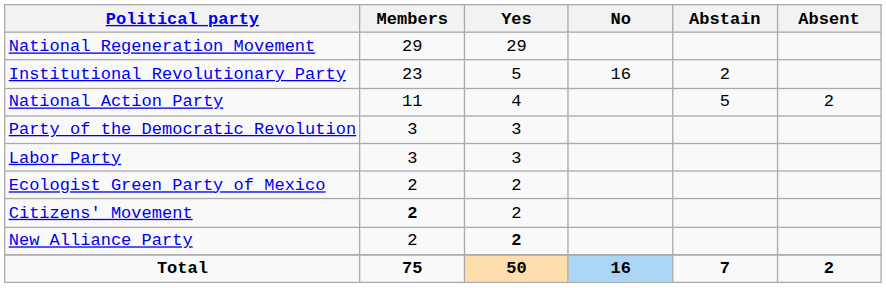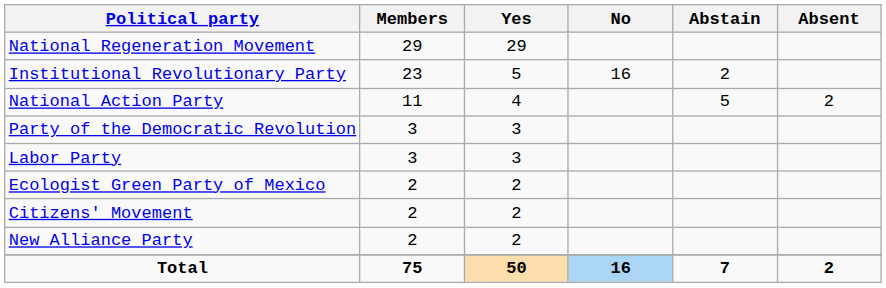 <table class="wikitable">
 <tr>
 <th><a href='#'>Political party</a></th>
 <th style="width:55pt;">Members</th>
 <th style="width:55pt;">Yes</th>
 <th style="width:55pt;">No</th>
 <th style="width:55pt;">Abstain</th>
 <th style="width:55pt;">Absent</th>
 </tr>
 <tr>
 <td align="left"> <a href='#'>National Regeneration Movement</a></td>
 <td style="text-align:center;">29</td>
 <td style="text-align:center;">29</td>
 <td style="text-align:center;"></td>
 <td style="text-align:center;"></td>
 <td style="text-align:center;"></td>
 </tr>
 <tr>
 <td align="left"> <a href='#'>Institutional Revolutionary Party</a></td>
 <td style="text-align:center;">23</td>
 <td style="text-align:center;">5</td>
 <td style="text-align:center;">16</td>
 <td style="text-align:center;">2</td>
 <td style="text-align:center;"></td>
 </tr>
 <tr>
 <td align="left"> <a href='#'>National Action Party</a></td>
 <td style="text-align:center;">11</td>
 <td style="text-align:center;">4</td>
 <td style="text-align:center;"></td>
 <td style="text-align:center;">5</td>
 <td style="text-align:center;">2</td>
 </tr>
 <tr>
 <td align="left"> <a href='#'>Party of the Democratic Revolution</a></td>
 <td style="text-align:center;">3</td>
 <td style="text-align:center;">3</td>
 <td style="text-align:center;"></td>
 <td style="text-align:center;"></td>
 <td style="text-align:center;"></td>
 </tr>
 <tr>
 <td align="left"> <a href='#'>Labor Party</a></td>
 <td style="text-align:center;">3</td>
 <td style="text-align:center;">3</td>
 <td style="text-align:center;"></td>
 <td style="text-align:center;"></td>
 <td style="text-align:center;"></td>
 </tr>
 <tr>
 <td align="left"> <a href='#'>Ecologist Green Party of Mexico</a></td>
 <td style="text-align:center;">2</td>
 <td style="text-align:center;">2</td>
 <td style="text-align:center;"></td>
 <td style="text-align:center;"></td>
 <td style="text-align:center;"></td>
 </tr>
 <tr>
 <td align="left"> <a href='#'>Citizens' Movement</a></td>
-<td style="text-align:center;"><strong>2</strong></td>
+<td style="text-align:center;">2</td>
 <td style="text-align:center;">2</td>
 <td style="text-align:center;"></td>
 <td style="text-align:center;"></td>
 <td style="text-align:center;"></td>
 </tr>
 <tr>
 <td align="left"> <a href='#'>New Alliance Party</a></td>
 <td style="text-align:center;">2</td>
-<td style="text-align:center;"><strong>2</strong></td>
+<td style="text-align:center;">2</td>
 <td style="text-align:center;"></td>
 <td style="text-align:center;"></td>
 <td style="text-align:center;"></td>
 </tr>
 <tr>
 </tr>
 <tr>
 <td style="text-align:center;"><strong>Total</strong></td>
 <td style="text-align:center;"><strong>75</strong></td>
 <th style="background:#ffdead;"><strong>50</strong></th>
 <th style="background:#abd5f5;"><strong>16</strong></th>
 <td style="text-align:center;"><strong>7</strong></td>
 <td style="text-align:center;"><strong>2</strong></td>
 </tr>
 </table>
